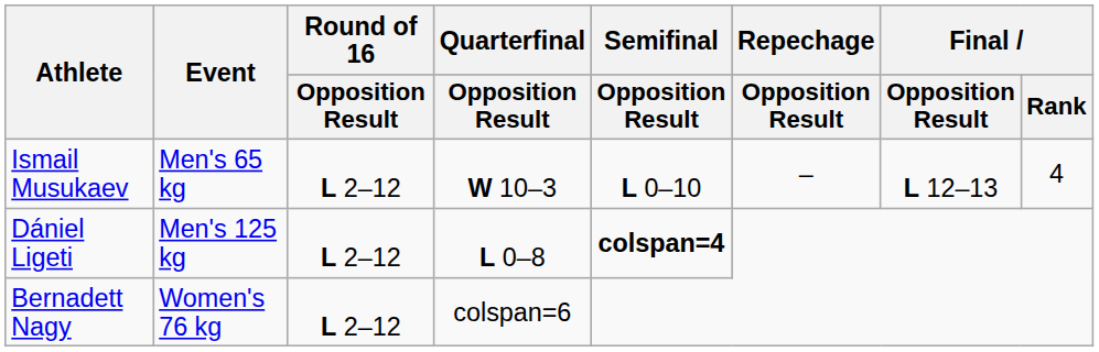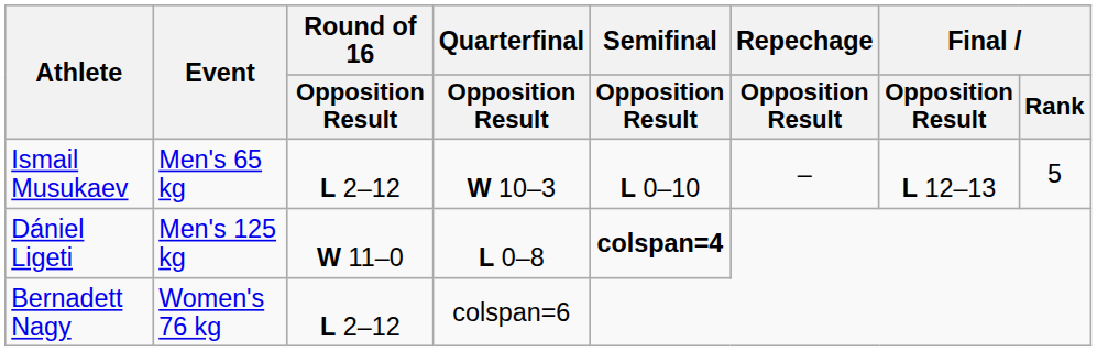 <table class="wikitable" style="font-size:90%">
 <tr>
 <th rowspan=2>Athlete</th>
 <th rowspan=2>Event</th>
 <th>Round of 16</th>
 <th>Quarterfinal</th>
 <th>Semifinal</th>
 <th>Repechage</th>
 <th colspan=2>Final / </th>
 </tr>
 <tr style="font-size: 95%">
 <th>Opposition<br>Result</th>
 <th>Opposition<br>Result</th>
 <th>Opposition<br>Result</th>
 <th>Opposition<br>Result</th>
 <th>Opposition<br>Result</th>
 <th>Rank</th>
 </tr>
 <tr align=center>
 <td align=left><a href='#'>Ismail Musukaev</a></td>
 <td align=left><a href='#'>Men's 65 kg</a></td>
 <td><br><strong>L</strong> 2–12</td>
 <td><br><strong>W</strong> 10–3</td>
 <td><br><strong>L</strong> 0–10</td>
 <td>–</td>
 <td><br><strong>L</strong> 12–13</td>
-<td>4</td>
+<td>5</td>
 </tr>
 <tr align=center>
 <td align=left><a href='#'>Dániel Ligeti</a></td>
 <td align=left><a href='#'>Men's 125 kg</a></td>
-<td><br><strong>L</strong> 2–12</td>
+<td><br><strong>W</strong> 11–0</td>
 <td><br><strong>L</strong> 0–8</td>
 <td><strong>colspan=4 </strong></td>
 </tr>
 <tr align=center>
 <td align=left><a href='#'>Bernadett Nagy</a></td>
 <td align=left><a href='#'>Women's 76 kg</a></td>
 <td><br><strong>L</strong> 2–12</td>
 <td>colspan=6 </td>
 </tr>
 </table>
